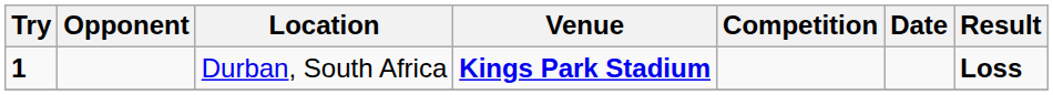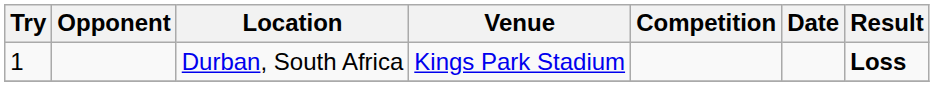 <table class="wikitable sortable">
 <tr>
 <th>Try</th>
 <th>Opponent</th>
 <th>Location</th>
 <th>Venue</th>
 <th>Competition</th>
 <th>Date</th>
 <th>Result</th>
 </tr>
 <tr>
-<td><strong>1</strong></td>
+<td>1</td>
 <td></td>
 <td><a href='#'>Durban</a>, South Africa</td>
-<td><strong><a href='#'>Kings Park Stadium</a></strong></td>
+<td><a href='#'>Kings Park Stadium</a></td>
 <td></td>
 <td></td>
 <td><strong>Loss</strong></td>
 </tr>
 <tr>
 </tr>
 </table>
